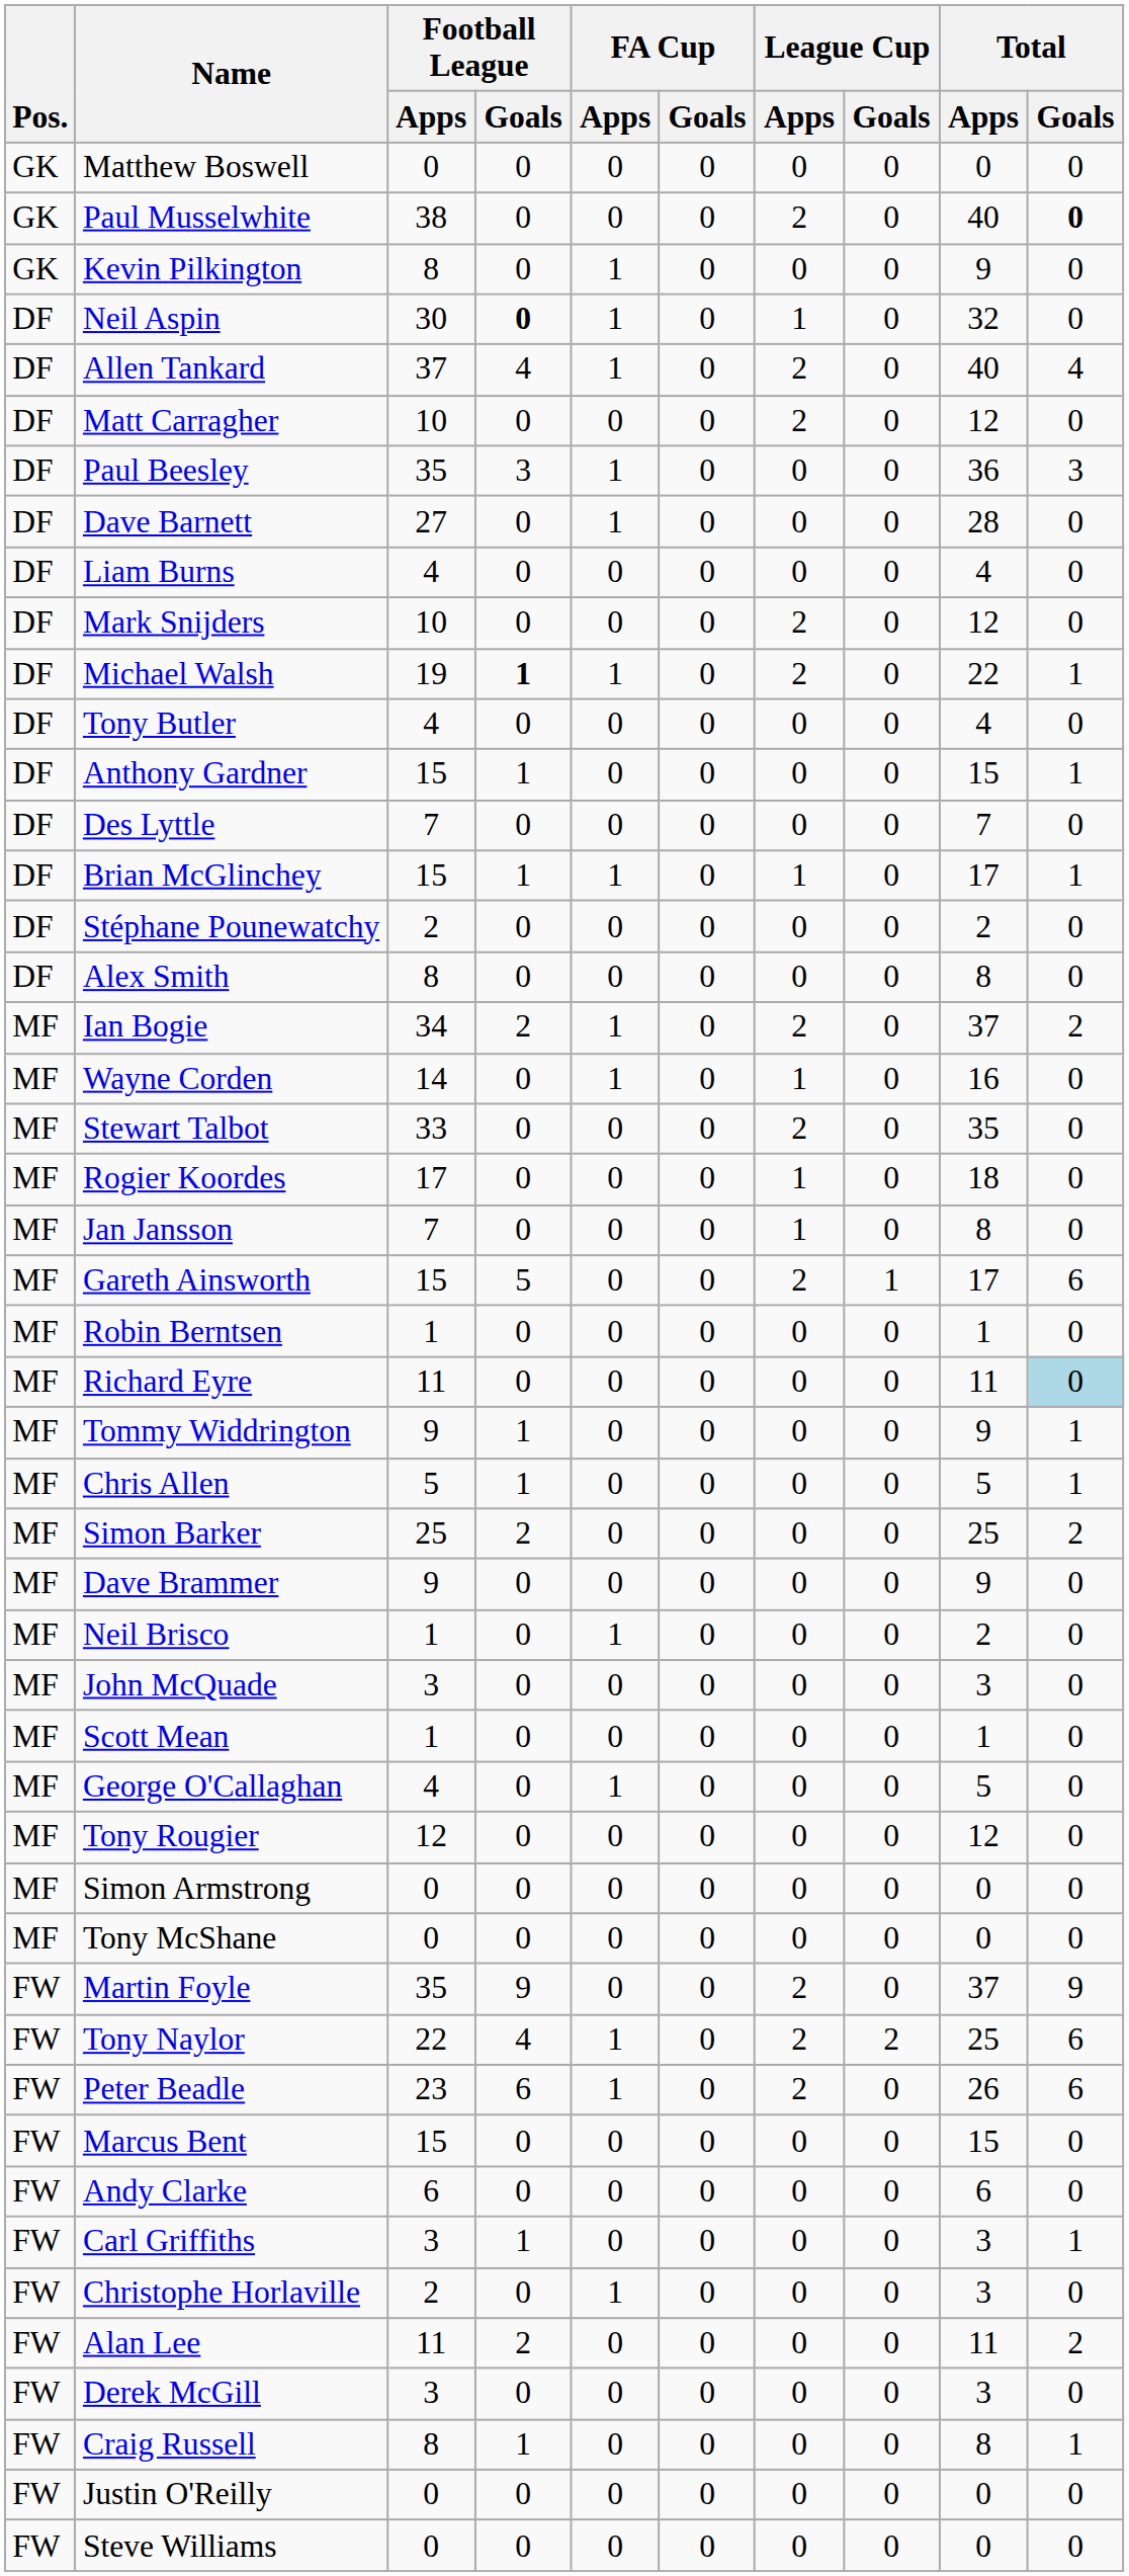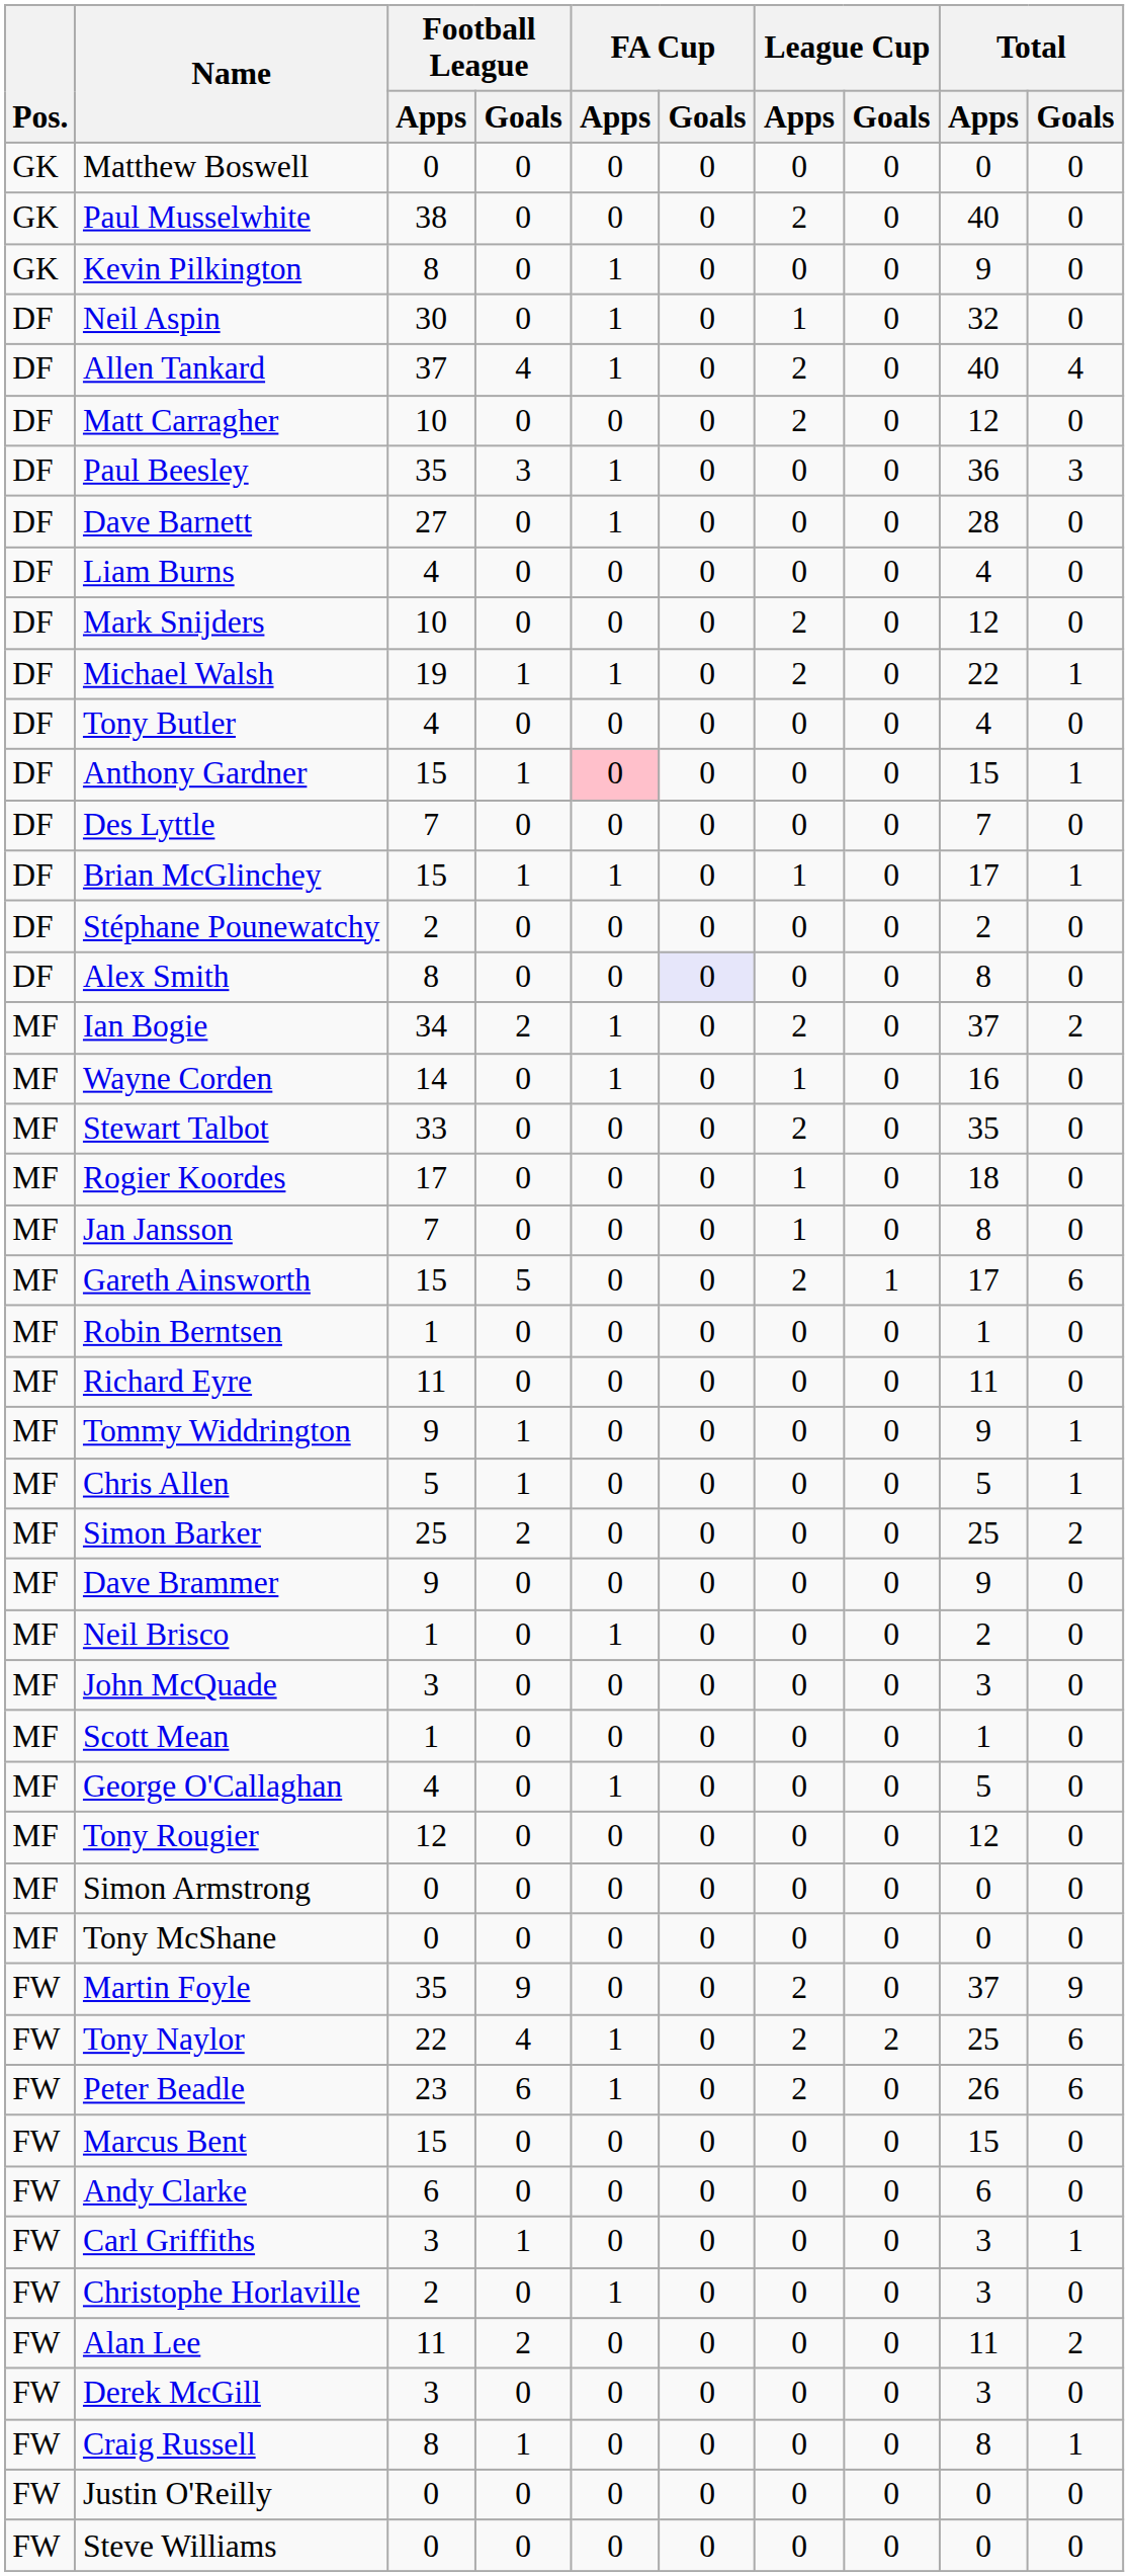 <table class="wikitable" style="text-align:center">
 <tr>
 <th rowspan="2" valign="bottom">Pos.</th>
 <th rowspan="2">Name</th>
 <th colspan="2" width="85">Football League</th>
 <th colspan="2" width="85">FA Cup</th>
 <th colspan="2" width="85">League Cup</th>
 <th colspan="2" width="85">Total</th>
 </tr>
 <tr>
 <th>Apps</th>
 <th>Goals</th>
 <th>Apps</th>
 <th>Goals</th>
 <th>Apps</th>
 <th>Goals</th>
 <th>Apps</th>
 <th>Goals</th>
 </tr>
 <tr>
 <td align="left">GK</td>
 <td align="left"> Matthew Boswell</td>
 <td>0</td>
 <td>0</td>
 <td>0</td>
 <td>0</td>
 <td>0</td>
 <td>0</td>
 <td>0</td>
 <td>0</td>
 </tr>
 <tr>
 <td align="left">GK</td>
 <td align="left"> <a href='#'>Paul Musselwhite</a></td>
 <td>38</td>
 <td>0</td>
 <td>0</td>
 <td>0</td>
 <td>2</td>
 <td>0</td>
 <td>40</td>
-<td><strong>0</strong></td>
+<td>0</td>
 </tr>
 <tr>
 <td align="left">GK</td>
 <td align="left"> <a href='#'>Kevin Pilkington</a></td>
 <td>8</td>
 <td>0</td>
 <td>1</td>
 <td>0</td>
 <td>0</td>
 <td>0</td>
 <td>9</td>
 <td>0</td>
 </tr>
 <tr>
 <td align="left">DF</td>
 <td align="left"> <a href='#'>Neil Aspin</a></td>
 <td>30</td>
-<td><strong>0</strong></td>
+<td>0</td>
 <td>1</td>
 <td>0</td>
 <td>1</td>
 <td>0</td>
 <td>32</td>
 <td>0</td>
 </tr>
 <tr>
 <td align="left">DF</td>
 <td align="left"> <a href='#'>Allen Tankard</a></td>
 <td>37</td>
 <td>4</td>
 <td>1</td>
 <td>0</td>
 <td>2</td>
 <td>0</td>
 <td>40</td>
 <td>4</td>
 </tr>
 <tr>
 <td align="left">DF</td>
 <td align="left"> <a href='#'>Matt Carragher</a></td>
 <td>10</td>
 <td>0</td>
 <td>0</td>
 <td>0</td>
 <td>2</td>
 <td>0</td>
 <td>12</td>
 <td>0</td>
 </tr>
 <tr>
 <td align="left">DF</td>
 <td align="left"> <a href='#'>Paul Beesley</a></td>
 <td>35</td>
 <td>3</td>
 <td>1</td>
 <td>0</td>
 <td>0</td>
 <td>0</td>
 <td>36</td>
 <td>3</td>
 </tr>
 <tr>
 <td align="left">DF</td>
 <td align="left"> <a href='#'>Dave Barnett</a></td>
 <td>27</td>
 <td>0</td>
 <td>1</td>
 <td>0</td>
 <td>0</td>
 <td>0</td>
 <td>28</td>
 <td>0</td>
 </tr>
 <tr>
 <td align="left">DF</td>
 <td align="left"> <a href='#'>Liam Burns</a></td>
 <td>4</td>
 <td>0</td>
 <td>0</td>
 <td>0</td>
 <td>0</td>
 <td>0</td>
 <td>4</td>
 <td>0</td>
 </tr>
 <tr>
 <td align="left">DF</td>
 <td align="left"> <a href='#'>Mark Snijders</a></td>
 <td>10</td>
 <td>0</td>
 <td>0</td>
 <td>0</td>
 <td>2</td>
 <td>0</td>
 <td>12</td>
 <td>0</td>
 </tr>
 <tr>
 <td align="left">DF</td>
 <td align="left"> <a href='#'>Michael Walsh</a></td>
 <td>19</td>
-<td><strong>1</strong></td>
+<td>1</td>
 <td>1</td>
 <td>0</td>
 <td>2</td>
 <td>0</td>
 <td>22</td>
 <td>1</td>
 </tr>
 <tr>
 <td align="left">DF</td>
 <td align="left"> <a href='#'>Tony Butler</a></td>
 <td>4</td>
 <td>0</td>
 <td>0</td>
 <td>0</td>
 <td>0</td>
 <td>0</td>
 <td>4</td>
 <td>0</td>
 </tr>
 <tr>
 <td align="left">DF</td>
 <td align="left"> <a href='#'>Anthony Gardner</a></td>
 <td>15</td>
 <td>1</td>
-<td>0</td>
+<td style="background: pink;">0</td>
 <td>0</td>
 <td>0</td>
 <td>0</td>
 <td>15</td>
 <td>1</td>
 </tr>
 <tr>
 <td align="left">DF</td>
 <td align="left"> <a href='#'>Des Lyttle</a></td>
 <td>7</td>
 <td>0</td>
 <td>0</td>
 <td>0</td>
 <td>0</td>
 <td>0</td>
 <td>7</td>
 <td>0</td>
 </tr>
 <tr>
 <td align="left">DF</td>
 <td align="left"> <a href='#'>Brian McGlinchey</a></td>
 <td>15</td>
 <td>1</td>
 <td>1</td>
 <td>0</td>
 <td>1</td>
 <td>0</td>
 <td>17</td>
 <td>1</td>
 </tr>
 <tr>
 <td align="left">DF</td>
 <td align="left"> <a href='#'>Stéphane Pounewatchy</a></td>
 <td>2</td>
 <td>0</td>
 <td>0</td>
 <td>0</td>
 <td>0</td>
 <td>0</td>
 <td>2</td>
 <td>0</td>
 </tr>
 <tr>
 <td align="left">DF</td>
 <td align="left"> <a href='#'>Alex Smith</a></td>
 <td>8</td>
 <td>0</td>
 <td>0</td>
-<td>0</td>
+<td style="background: lavender;">0</td>
 <td>0</td>
 <td>0</td>
 <td>8</td>
 <td>0</td>
 </tr>
 <tr>
 <td align="left">MF</td>
 <td align="left"> <a href='#'>Ian Bogie</a></td>
 <td>34</td>
 <td>2</td>
 <td>1</td>
 <td>0</td>
 <td>2</td>
 <td>0</td>
 <td>37</td>
 <td>2</td>
 </tr>
 <tr>
 <td align="left">MF</td>
 <td align="left"> <a href='#'>Wayne Corden</a></td>
 <td>14</td>
 <td>0</td>
 <td>1</td>
 <td>0</td>
 <td>1</td>
 <td>0</td>
 <td>16</td>
 <td>0</td>
 </tr>
 <tr>
 <td align="left">MF</td>
 <td align="left"> <a href='#'>Stewart Talbot</a></td>
 <td>33</td>
 <td>0</td>
 <td>0</td>
 <td>0</td>
 <td>2</td>
 <td>0</td>
 <td>35</td>
 <td>0</td>
 </tr>
 <tr>
 <td align="left">MF</td>
 <td align="left"> <a href='#'>Rogier Koordes</a></td>
 <td>17</td>
 <td>0</td>
 <td>0</td>
 <td>0</td>
 <td>1</td>
 <td>0</td>
 <td>18</td>
 <td>0</td>
 </tr>
 <tr>
 <td align="left">MF</td>
 <td align="left"> <a href='#'>Jan Jansson</a></td>
 <td>7</td>
 <td>0</td>
 <td>0</td>
 <td>0</td>
 <td>1</td>
 <td>0</td>
 <td>8</td>
 <td>0</td>
 </tr>
 <tr>
 <td align="left">MF</td>
 <td align="left"> <a href='#'>Gareth Ainsworth</a></td>
 <td>15</td>
 <td>5</td>
 <td>0</td>
 <td>0</td>
 <td>2</td>
 <td>1</td>
 <td>17</td>
 <td>6</td>
 </tr>
 <tr>
 <td align="left">MF</td>
 <td align="left"> <a href='#'>Robin Berntsen</a></td>
 <td>1</td>
 <td>0</td>
 <td>0</td>
 <td>0</td>
 <td>0</td>
 <td>0</td>
 <td>1</td>
 <td>0</td>
 </tr>
 <tr>
 <td align="left">MF</td>
 <td align="left"> <a href='#'>Richard Eyre</a></td>
 <td>11</td>
 <td>0</td>
 <td>0</td>
 <td>0</td>
 <td>0</td>
 <td>0</td>
 <td>11</td>
-<td style="background: lightblue;">0</td>
+<td>0</td>
 </tr>
 <tr>
 <td align="left">MF</td>
 <td align="left"> <a href='#'>Tommy Widdrington</a></td>
 <td>9</td>
 <td>1</td>
 <td>0</td>
 <td>0</td>
 <td>0</td>
 <td>0</td>
 <td>9</td>
 <td>1</td>
 </tr>
 <tr>
 <td align="left">MF</td>
 <td align="left"> <a href='#'>Chris Allen</a></td>
 <td>5</td>
 <td>1</td>
 <td>0</td>
 <td>0</td>
 <td>0</td>
 <td>0</td>
 <td>5</td>
 <td>1</td>
 </tr>
 <tr>
 <td align="left">MF</td>
 <td align="left"> <a href='#'>Simon Barker</a></td>
 <td>25</td>
 <td>2</td>
 <td>0</td>
 <td>0</td>
 <td>0</td>
 <td>0</td>
 <td>25</td>
 <td>2</td>
 </tr>
 <tr>
 <td align="left">MF</td>
 <td align="left"> <a href='#'>Dave Brammer</a></td>
 <td>9</td>
 <td>0</td>
 <td>0</td>
 <td>0</td>
 <td>0</td>
 <td>0</td>
 <td>9</td>
 <td>0</td>
 </tr>
 <tr>
 <td align="left">MF</td>
 <td align="left"> <a href='#'>Neil Brisco</a></td>
 <td>1</td>
 <td>0</td>
 <td>1</td>
 <td>0</td>
 <td>0</td>
 <td>0</td>
 <td>2</td>
 <td>0</td>
 </tr>
 <tr>
 <td align="left">MF</td>
 <td align="left"> <a href='#'>John McQuade</a></td>
 <td>3</td>
 <td>0</td>
 <td>0</td>
 <td>0</td>
 <td>0</td>
 <td>0</td>
 <td>3</td>
 <td>0</td>
 </tr>
 <tr>
 <td align="left">MF</td>
 <td align="left"> <a href='#'>Scott Mean</a></td>
 <td>1</td>
 <td>0</td>
 <td>0</td>
 <td>0</td>
 <td>0</td>
 <td>0</td>
 <td>1</td>
 <td>0</td>
 </tr>
 <tr>
 <td align="left">MF</td>
 <td align="left"> <a href='#'>George O'Callaghan</a></td>
 <td>4</td>
 <td>0</td>
 <td>1</td>
 <td>0</td>
 <td>0</td>
 <td>0</td>
 <td>5</td>
 <td>0</td>
 </tr>
 <tr>
 <td align="left">MF</td>
 <td align="left"> <a href='#'>Tony Rougier</a></td>
 <td>12</td>
 <td>0</td>
 <td>0</td>
 <td>0</td>
 <td>0</td>
 <td>0</td>
 <td>12</td>
 <td>0</td>
 </tr>
 <tr>
 <td align="left">MF</td>
 <td align="left"> Simon Armstrong</td>
 <td>0</td>
 <td>0</td>
 <td>0</td>
 <td>0</td>
 <td>0</td>
 <td>0</td>
 <td>0</td>
 <td>0</td>
 </tr>
 <tr>
 <td align="left">MF</td>
 <td align="left"> Tony McShane</td>
 <td>0</td>
 <td>0</td>
 <td>0</td>
 <td>0</td>
 <td>0</td>
 <td>0</td>
 <td>0</td>
 <td>0</td>
 </tr>
 <tr>
 <td align="left">FW</td>
 <td align="left"> <a href='#'>Martin Foyle</a></td>
 <td>35</td>
 <td>9</td>
 <td>0</td>
 <td>0</td>
 <td>2</td>
 <td>0</td>
 <td>37</td>
 <td>9</td>
 </tr>
 <tr>
 <td align="left">FW</td>
 <td align="left"> <a href='#'>Tony Naylor</a></td>
 <td>22</td>
 <td>4</td>
 <td>1</td>
 <td>0</td>
 <td>2</td>
 <td>2</td>
 <td>25</td>
 <td>6</td>
 </tr>
 <tr>
 <td align="left">FW</td>
 <td align="left"> <a href='#'>Peter Beadle</a></td>
 <td>23</td>
 <td>6</td>
 <td>1</td>
 <td>0</td>
 <td>2</td>
 <td>0</td>
 <td>26</td>
 <td>6</td>
 </tr>
 <tr>
 <td align="left">FW</td>
 <td align="left"> <a href='#'>Marcus Bent</a></td>
 <td>15</td>
 <td>0</td>
 <td>0</td>
 <td>0</td>
 <td>0</td>
 <td>0</td>
 <td>15</td>
 <td>0</td>
 </tr>
 <tr>
 <td align="left">FW</td>
 <td align="left"> <a href='#'>Andy Clarke</a></td>
 <td>6</td>
 <td>0</td>
 <td>0</td>
 <td>0</td>
 <td>0</td>
 <td>0</td>
 <td>6</td>
 <td>0</td>
 </tr>
 <tr>
 <td align="left">FW</td>
 <td align="left"> <a href='#'>Carl Griffiths</a></td>
 <td>3</td>
 <td>1</td>
 <td>0</td>
 <td>0</td>
 <td>0</td>
 <td>0</td>
 <td>3</td>
 <td>1</td>
 </tr>
 <tr>
 <td align="left">FW</td>
 <td align="left"> <a href='#'>Christophe Horlaville</a></td>
 <td>2</td>
 <td>0</td>
 <td>1</td>
 <td>0</td>
 <td>0</td>
 <td>0</td>
 <td>3</td>
 <td>0</td>
 </tr>
 <tr>
 <td align="left">FW</td>
 <td align="left"> <a href='#'>Alan Lee</a></td>
 <td>11</td>
 <td>2</td>
 <td>0</td>
 <td>0</td>
 <td>0</td>
 <td>0</td>
 <td>11</td>
 <td>2</td>
 </tr>
 <tr>
 <td align="left">FW</td>
 <td align="left"> <a href='#'>Derek McGill</a></td>
 <td>3</td>
 <td>0</td>
 <td>0</td>
 <td>0</td>
 <td>0</td>
 <td>0</td>
 <td>3</td>
 <td>0</td>
 </tr>
 <tr>
 <td align="left">FW</td>
 <td align="left"> <a href='#'>Craig Russell</a></td>
 <td>8</td>
 <td>1</td>
 <td>0</td>
 <td>0</td>
 <td>0</td>
 <td>0</td>
 <td>8</td>
 <td>1</td>
 </tr>
 <tr>
 <td align="left">FW</td>
 <td align="left"> Justin O'Reilly</td>
 <td>0</td>
 <td>0</td>
 <td>0</td>
 <td>0</td>
 <td>0</td>
 <td>0</td>
 <td>0</td>
 <td>0</td>
 </tr>
 <tr>
 <td align="left">FW</td>
 <td align="left"> Steve Williams</td>
 <td>0</td>
 <td>0</td>
 <td>0</td>
 <td>0</td>
 <td>0</td>
 <td>0</td>
 <td>0</td>
 <td>0</td>
 </tr>
 <tr>
 </tr>
 </table>
